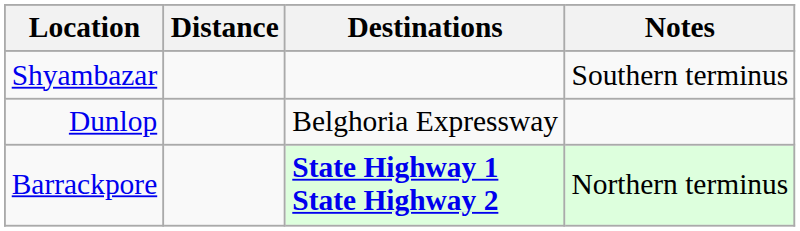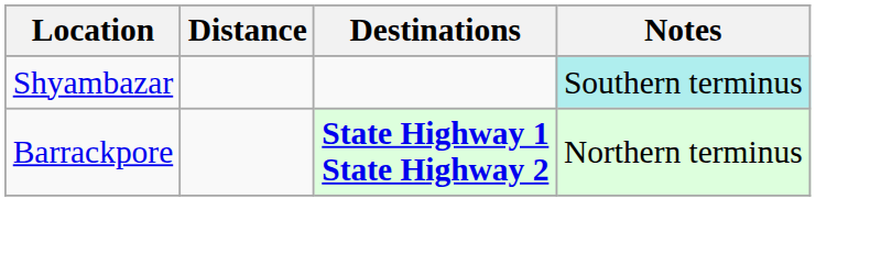 <table class="wikitable">
 <tr>
 <th>Location</th>
 <th>Distance</th>
 <th>Destinations</th>
 <th>Notes</th>
 </tr>
 <tr>
 <td style="text-align:right"><a href='#'>Shyambazar</a></td>
 <td style="text-align:center"></td>
 <td></td>
-<td style="text-align:center">Southern terminus</td>
-</tr>
-<tr>
-<td style="text-align:right"><a href='#'>Dunlop</a></td>
-<td style="text-align:center"></td>
-<td style="text-align:left"> Belghoria Expressway</td>
-<td></td>
+<td style="background: paleturquoise; text-align:center">Southern terminus</td>
 </tr>
 <tr>
 <td style="text-align:right"><a href='#'>Barrackpore</a></td>
 <td style="text-align:center"></td>
 <td style="background: #ddffdd;text-align:left"><strong> <a href='#'>State Highway 1</a><br> <a href='#'>State Highway 2</a></strong></td>
 <td style="background: #ddffdd;text-align:center">Northern terminus</td>
 </tr>
 </table>
